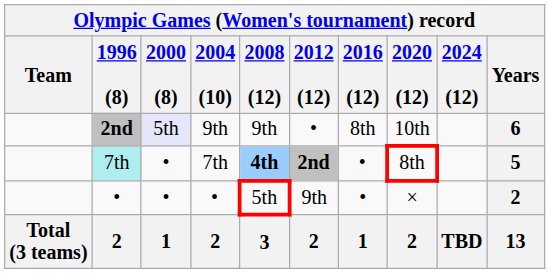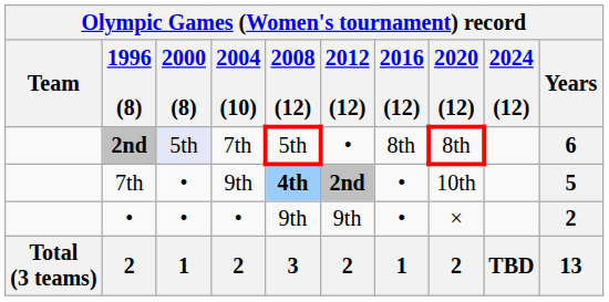 <table class="wikitable" style="text-align:center">
 <tr>
 <th colspan=10><a href='#'>Olympic Games</a> (<a href='#'>Women's tournament</a>) record</th>
 </tr>
 <tr>
 <th>Team</th>
 <th><a href='#'>1996</a><br><br>(8)</th>
 <th><a href='#'>2000</a><br><br>(8)</th>
 <th><a href='#'>2004</a><br><br>(10)</th>
 <th><a href='#'>2008</a><br><br>(12)</th>
 <th><a href='#'>2012</a><br><br>(12)</th>
 <th><a href='#'>2016</a><br><br>(12)</th>
 <th><a href='#'>2020</a><br><br>(12)</th>
 <th><a href='#'>2024</a><br><br>(12)</th>
 <th>Years</th>
 </tr>
 <tr>
 <td align=left></td>
 <td style="background:silver;"><strong>2nd </strong></td>
 <td style="background: lavender;">5th</td>
-<td>9th</td>
-<td>9th</td>
+<td>7th</td>
+<td style="border: 3px solid red">5th</td>
 <td>•</td>
 <td>8th</td>
-<td>10th</td>
+<td style="border: 3px solid red">8th</td>
 <td></td>
 <th>6</th>
 </tr>
 <tr>
 <td align=left></td>
-<td style="background: paleturquoise;">7th</td>
+<td>7th</td>
 <td>•</td>
-<td>7th</td>
+<td>9th</td>
 <td style="background:#9acdff;"><strong>4th</strong></td>
 <td style="background:silver;"><strong>2nd </strong></td>
 <td>•</td>
-<td style="border: 3px solid red">8th</td>
+<td>10th</td>
 <td></td>
 <th>5</th>
 </tr>
 <tr>
 <td align=left></td>
 <td>•</td>
 <td>•</td>
 <td>•</td>
-<td style="border: 3px solid red">5th</td>
+<td>9th</td>
 <td>9th</td>
 <td>•</td>
 <td>×</td>
 <td></td>
 <th>2</th>
 </tr>
 <tr>
 <th align=left><strong>Total<br>(3 teams)</strong></th>
 <th><strong>2</strong></th>
 <th><strong>1</strong></th>
 <th><strong>2</strong></th>
 <th><strong>3</strong></th>
 <th><strong>2</strong></th>
 <th><strong>1</strong></th>
 <th><strong>2</strong></th>
 <th><strong>TBD</strong></th>
 <th><strong>13</strong></th>
 </tr>
 </table>
